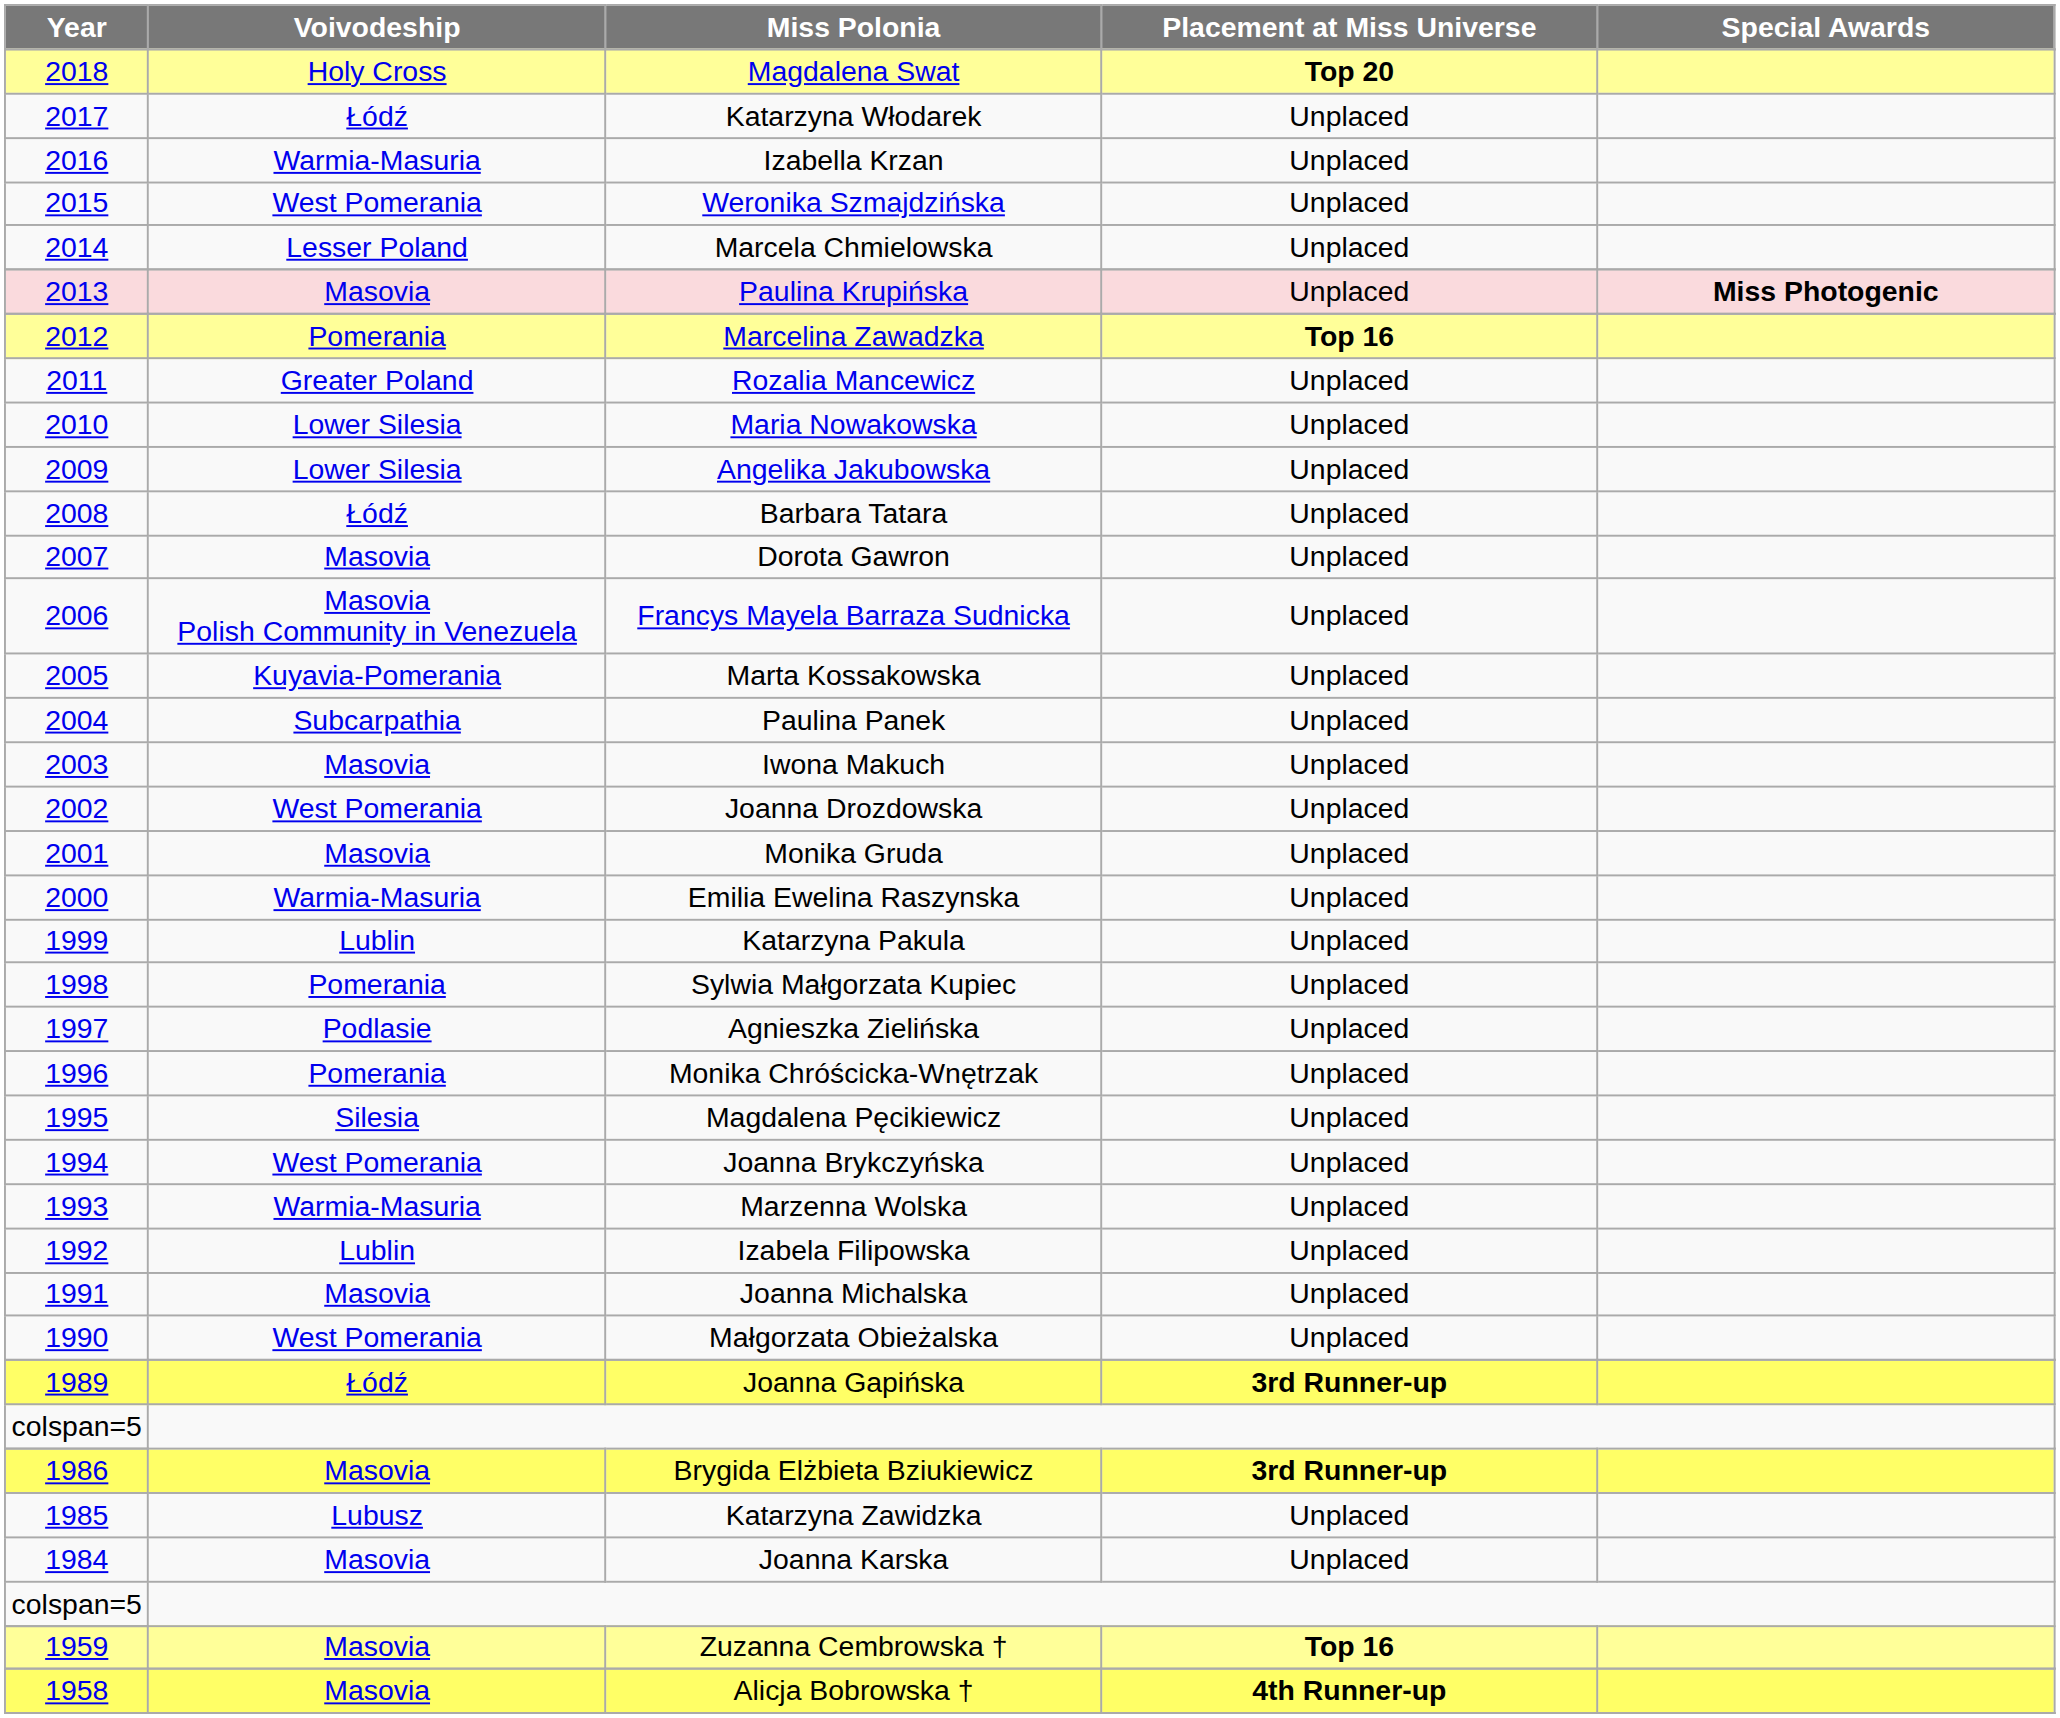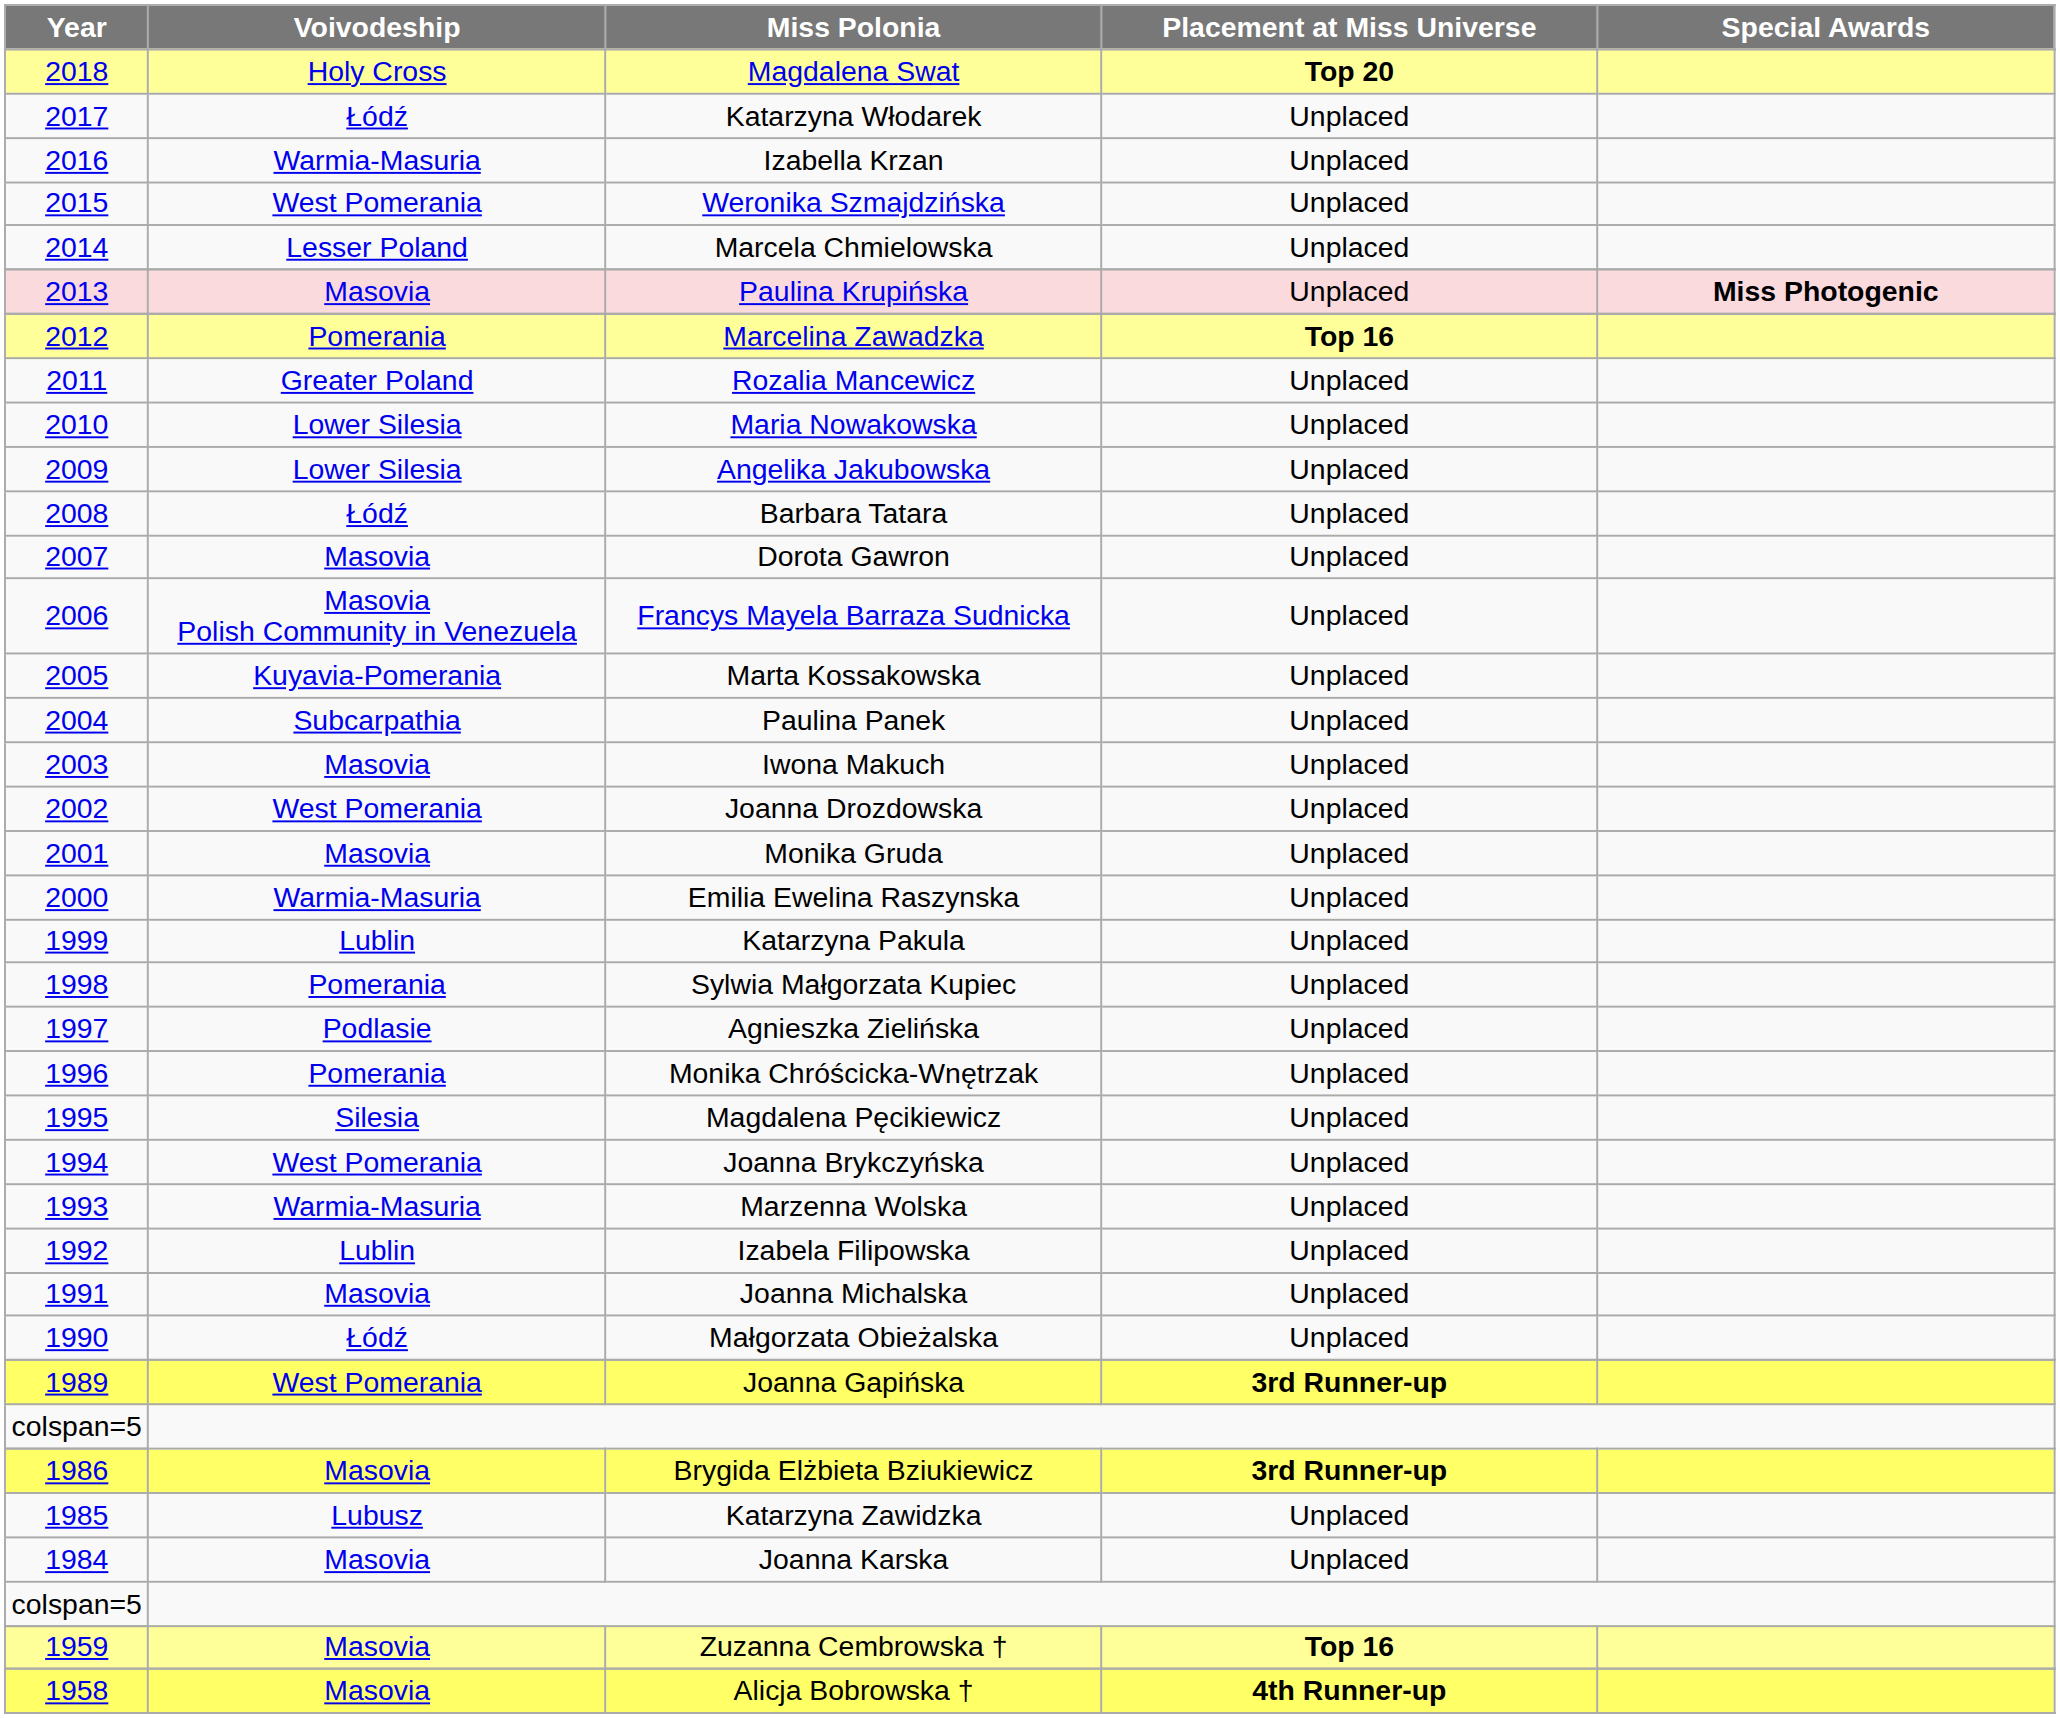 <table class="wikitable" style="font-size: 92%; text-align:center">
 <tr>
 <th width="60" style="background-color:#787878;color:#FFFFFF;">Year</th>
 <th width="230" style="background-color:#787878;color:#FFFFFF;">Voivodeship</th>
 <th width="250" style="background-color:#787878;color:#FFFFFF;">Miss Polonia</th>
 <th width="250" style="background-color:#787878;color:#FFFFFF;">Placement at Miss Universe</th>
 <th width="230" style="background-color:#787878;color:#FFFFFF;">Special Awards</th>
 </tr>
 <tr>
 </tr>
 <tr style="background:#FFFF99;">
 <td><a href='#'>2018</a></td>
 <td><a href='#'>Holy Cross</a></td>
 <td><a href='#'>Magdalena Swat</a></td>
 <td><strong>Top 20</strong></td>
 <td></td>
 </tr>
 <tr>
 <td><a href='#'>2017</a></td>
 <td><a href='#'>Łódź</a></td>
 <td>Katarzyna Włodarek</td>
 <td>Unplaced</td>
 <td></td>
 </tr>
 <tr>
 <td><a href='#'>2016</a></td>
 <td><a href='#'>Warmia-Masuria</a></td>
 <td>Izabella Krzan</td>
 <td>Unplaced</td>
 <td></td>
 </tr>
 <tr>
 <td><a href='#'>2015</a></td>
 <td><a href='#'>West Pomerania</a></td>
 <td><a href='#'>Weronika Szmajdzińska</a></td>
 <td>Unplaced</td>
 <td></td>
 </tr>
 <tr>
 <td><a href='#'>2014</a></td>
 <td><a href='#'>Lesser Poland</a></td>
 <td>Marcela Chmielowska</td>
 <td>Unplaced</td>
 <td></td>
 </tr>
 <tr>
 </tr>
 <tr style="background-color:#FADADD;">
 <td><a href='#'>2013</a></td>
 <td><a href='#'>Masovia</a></td>
 <td><a href='#'>Paulina Krupińska</a></td>
 <td>Unplaced</td>
 <td><strong>Miss Photogenic</strong></td>
 </tr>
 <tr>
 </tr>
 <tr style="background-color:#FFFF99;">
 <td><a href='#'>2012</a></td>
 <td><a href='#'>Pomerania</a></td>
 <td><a href='#'>Marcelina Zawadzka</a></td>
 <td><strong>Top 16</strong></td>
 <td></td>
 </tr>
 <tr>
 <td><a href='#'>2011</a></td>
 <td><a href='#'>Greater Poland</a></td>
 <td><a href='#'>Rozalia Mancewicz</a></td>
 <td>Unplaced</td>
 <td></td>
 </tr>
 <tr>
 <td><a href='#'>2010</a></td>
 <td><a href='#'>Lower Silesia</a></td>
 <td><a href='#'>Maria Nowakowska</a></td>
 <td>Unplaced</td>
 <td></td>
 </tr>
 <tr>
 <td><a href='#'>2009</a></td>
 <td><a href='#'>Lower Silesia</a></td>
 <td><a href='#'>Angelika Jakubowska</a></td>
 <td>Unplaced</td>
 <td></td>
 </tr>
 <tr>
 <td><a href='#'>2008</a></td>
 <td><a href='#'>Łódź</a></td>
 <td>Barbara Tatara</td>
 <td>Unplaced</td>
 <td></td>
 </tr>
 <tr>
 <td><a href='#'>2007</a></td>
 <td><a href='#'>Masovia</a></td>
 <td>Dorota Gawron</td>
 <td>Unplaced</td>
 <td></td>
 </tr>
 <tr>
 <td><a href='#'>2006</a></td>
 <td><a href='#'>Masovia</a><br><a href='#'>Polish Community in Venezuela</a></td>
 <td><a href='#'>Francys Mayela Barraza Sudnicka</a></td>
 <td>Unplaced</td>
 <td></td>
 </tr>
 <tr>
 <td><a href='#'>2005</a></td>
 <td><a href='#'>Kuyavia-Pomerania</a></td>
 <td>Marta Kossakowska</td>
 <td>Unplaced</td>
 <td></td>
 </tr>
 <tr>
 <td><a href='#'>2004</a></td>
 <td><a href='#'>Subcarpathia</a></td>
 <td>Paulina Panek</td>
 <td>Unplaced</td>
 <td></td>
 </tr>
 <tr>
 <td><a href='#'>2003</a></td>
 <td><a href='#'>Masovia</a></td>
 <td>Iwona Makuch</td>
 <td>Unplaced</td>
 <td></td>
 </tr>
 <tr>
 <td><a href='#'>2002</a></td>
 <td><a href='#'>West Pomerania</a></td>
 <td>Joanna Drozdowska</td>
 <td>Unplaced</td>
 <td></td>
 </tr>
 <tr>
 <td><a href='#'>2001</a></td>
 <td><a href='#'>Masovia</a></td>
 <td>Monika Gruda</td>
 <td>Unplaced</td>
 <td></td>
 </tr>
 <tr>
 <td><a href='#'>2000</a></td>
 <td><a href='#'>Warmia-Masuria</a></td>
 <td>Emilia Ewelina Raszynska</td>
 <td>Unplaced</td>
 <td></td>
 </tr>
 <tr>
 <td><a href='#'>1999</a></td>
 <td><a href='#'>Lublin</a></td>
 <td>Katarzyna Pakula</td>
 <td>Unplaced</td>
 <td></td>
 </tr>
 <tr>
 <td><a href='#'>1998</a></td>
 <td><a href='#'>Pomerania</a></td>
 <td>Sylwia Małgorzata Kupiec</td>
 <td>Unplaced</td>
 <td></td>
 </tr>
 <tr>
 <td><a href='#'>1997</a></td>
 <td><a href='#'>Podlasie</a></td>
 <td>Agnieszka Zielińska</td>
 <td>Unplaced</td>
 <td></td>
 </tr>
 <tr>
 <td><a href='#'>1996</a></td>
 <td><a href='#'>Pomerania</a></td>
 <td>Monika Chróścicka-Wnętrzak</td>
 <td>Unplaced</td>
 <td></td>
 </tr>
 <tr>
 <td><a href='#'>1995</a></td>
 <td><a href='#'>Silesia</a></td>
 <td>Magdalena Pęcikiewicz</td>
 <td>Unplaced</td>
 <td></td>
 </tr>
 <tr>
 <td><a href='#'>1994</a></td>
 <td><a href='#'>West Pomerania</a></td>
 <td>Joanna Brykczyńska</td>
 <td>Unplaced</td>
 <td></td>
 </tr>
 <tr>
 <td><a href='#'>1993</a></td>
 <td><a href='#'>Warmia-Masuria</a></td>
 <td>Marzenna Wolska</td>
 <td>Unplaced</td>
 <td></td>
 </tr>
 <tr>
 <td><a href='#'>1992</a></td>
 <td><a href='#'>Lublin</a></td>
 <td>Izabela Filipowska</td>
 <td>Unplaced</td>
 <td></td>
 </tr>
 <tr>
 <td><a href='#'>1991</a></td>
 <td><a href='#'>Masovia</a></td>
 <td>Joanna Michalska</td>
 <td>Unplaced</td>
 <td></td>
 </tr>
 <tr>
 <td><a href='#'>1990</a></td>
-<td><a href='#'>West Pomerania</a></td>
+<td><a href='#'>Łódź</a></td>
 <td>Małgorzata Obieżalska</td>
 <td>Unplaced</td>
 <td></td>
 </tr>
 <tr>
 </tr>
 <tr style="background-color:#FFFF66;">
 <td><a href='#'>1989</a></td>
-<td><a href='#'>Łódź</a></td>
+<td><a href='#'>West Pomerania</a></td>
 <td>Joanna Gapińska</td>
 <td><strong>3rd Runner-up</strong></td>
 <td></td>
 </tr>
 <tr>
 <td>colspan=5 </td>
 </tr>
 <tr>
 </tr>
 <tr style="background-color:#FFFF66;">
 <td><a href='#'>1986</a></td>
 <td><a href='#'>Masovia</a></td>
 <td>Brygida Elżbieta Bziukiewicz</td>
 <td><strong>3rd Runner-up</strong></td>
 <td></td>
 </tr>
 <tr>
 <td><a href='#'>1985</a></td>
 <td><a href='#'>Lubusz</a></td>
 <td>Katarzyna Zawidzka</td>
 <td>Unplaced</td>
 <td></td>
 </tr>
 <tr>
 <td><a href='#'>1984</a></td>
 <td><a href='#'>Masovia</a></td>
 <td>Joanna Karska</td>
 <td>Unplaced</td>
 <td></td>
 </tr>
 <tr>
 <td>colspan=5 </td>
 </tr>
 <tr>
 </tr>
 <tr style="background-color:#FFFF99;">
 <td><a href='#'>1959</a></td>
 <td><a href='#'>Masovia</a></td>
 <td>Zuzanna Cembrowska †</td>
 <td><strong>Top 16</strong></td>
 <td></td>
 </tr>
 <tr>
 </tr>
 <tr style="background-color:#FFFF66;">
 <td><a href='#'>1958</a></td>
 <td><a href='#'>Masovia</a></td>
 <td>Alicja Bobrowska †</td>
 <td><strong>4th Runner-up</strong></td>
 <td></td>
 </tr>
 <tr>
 </tr>
 </table>
